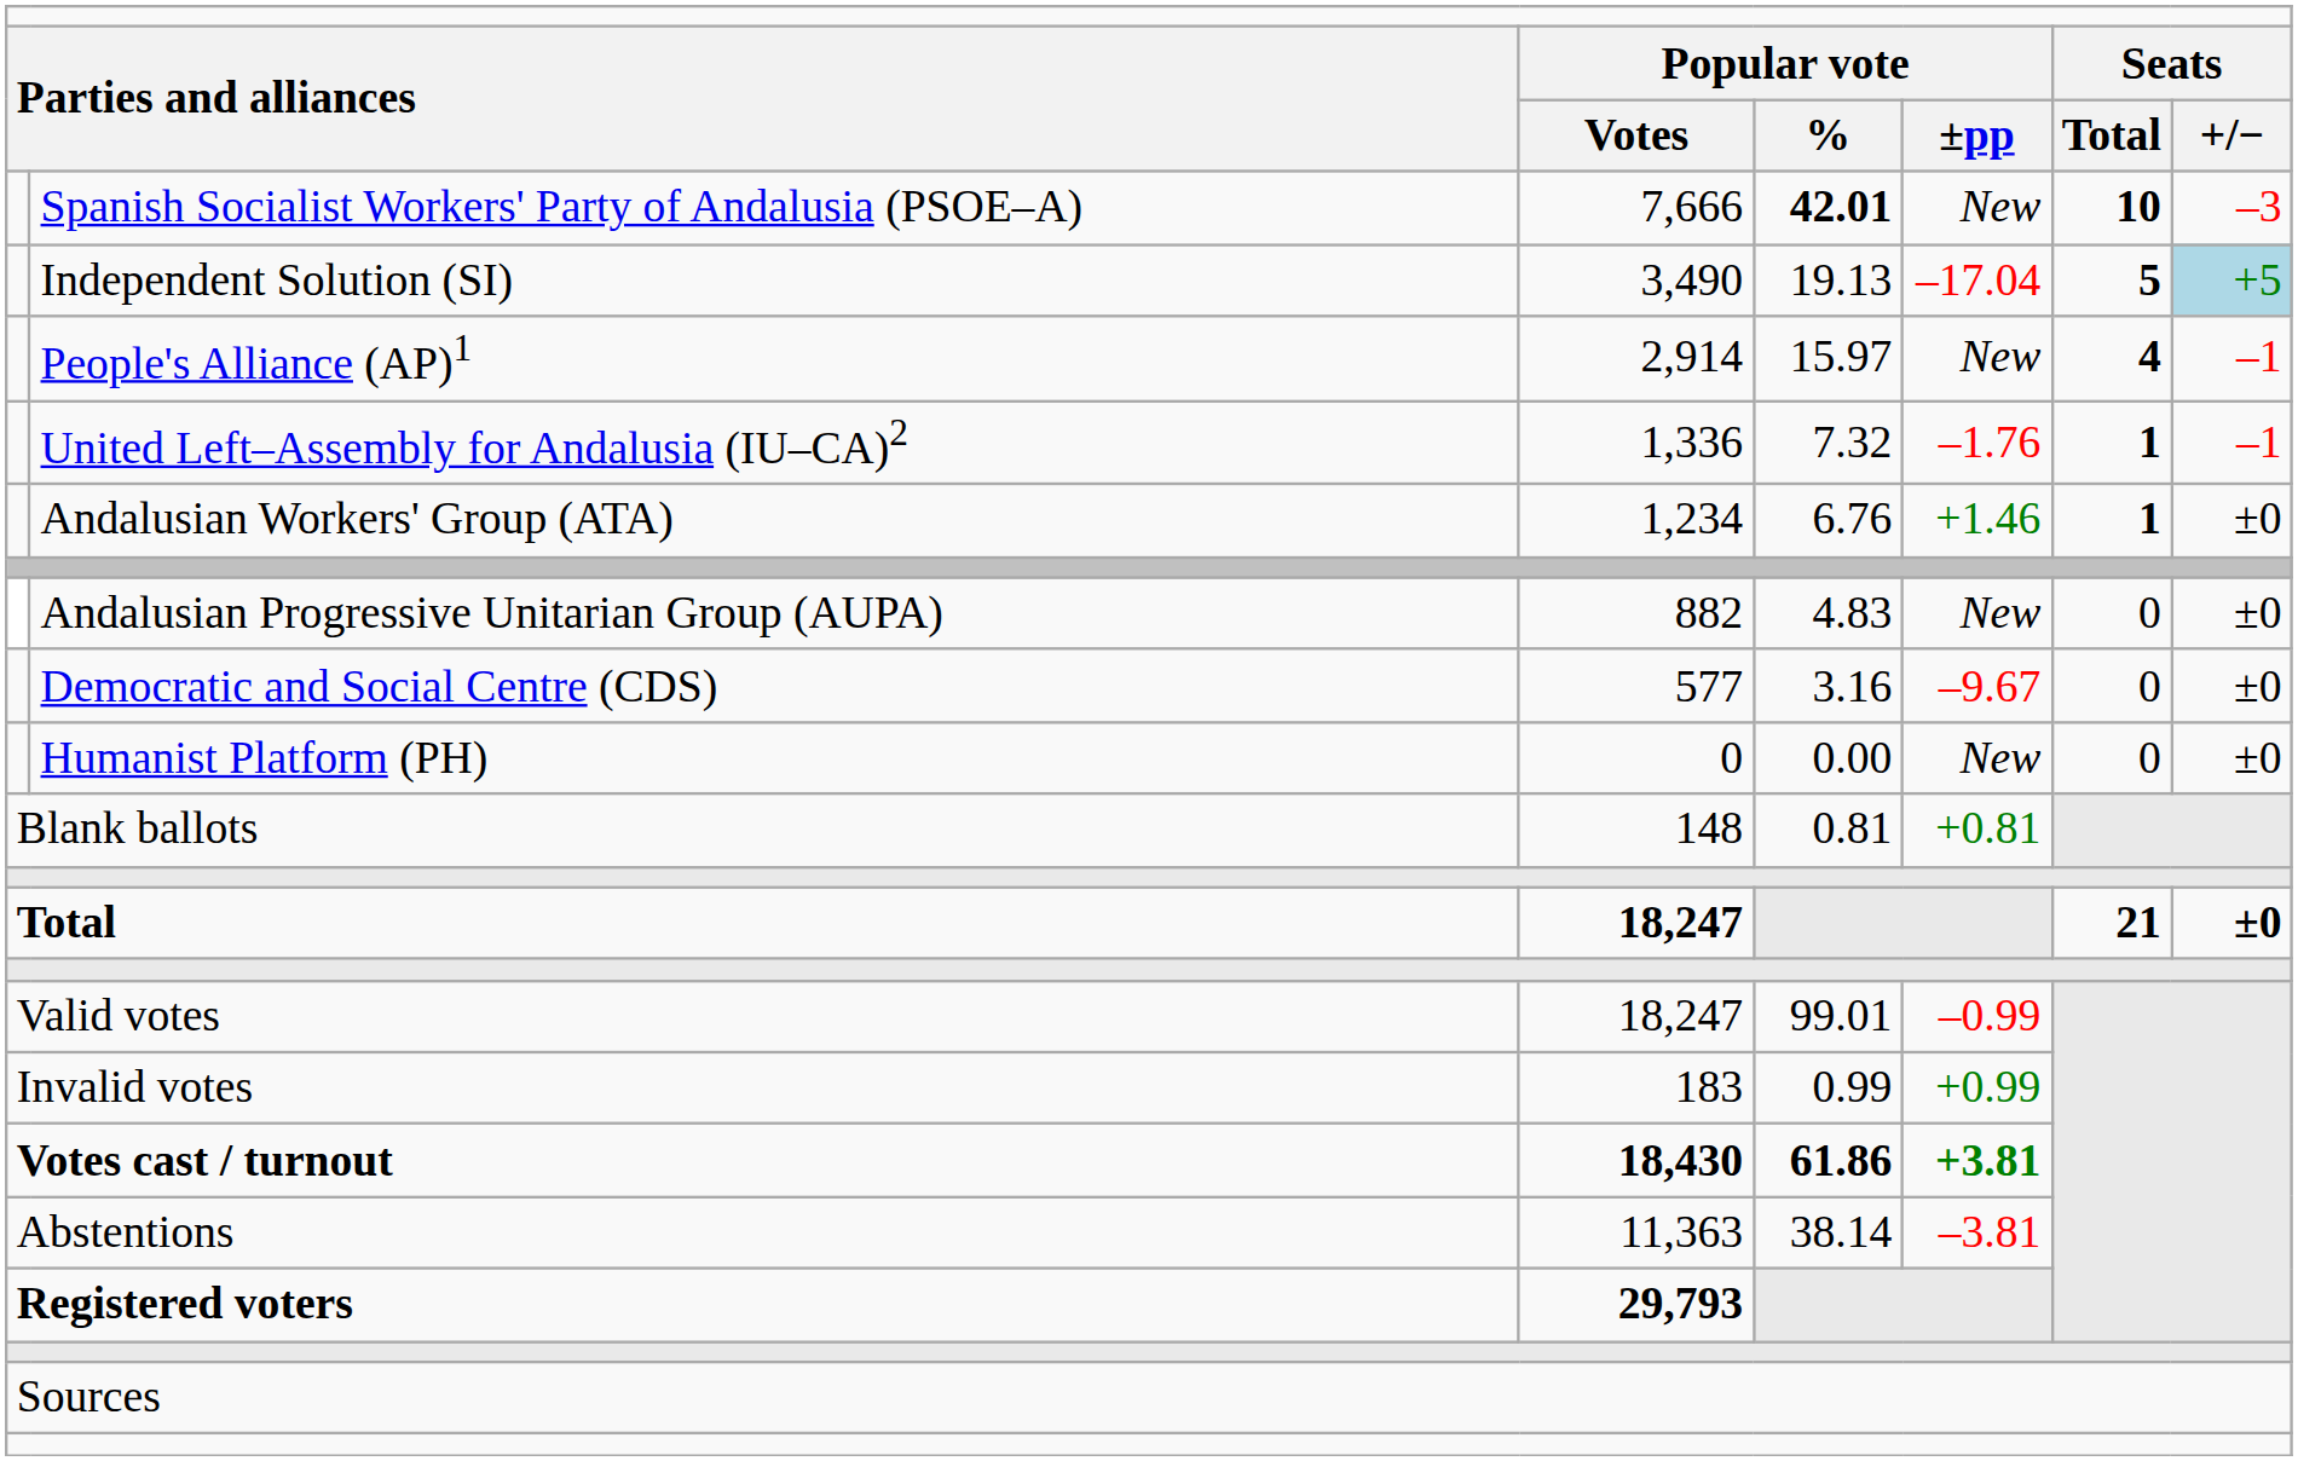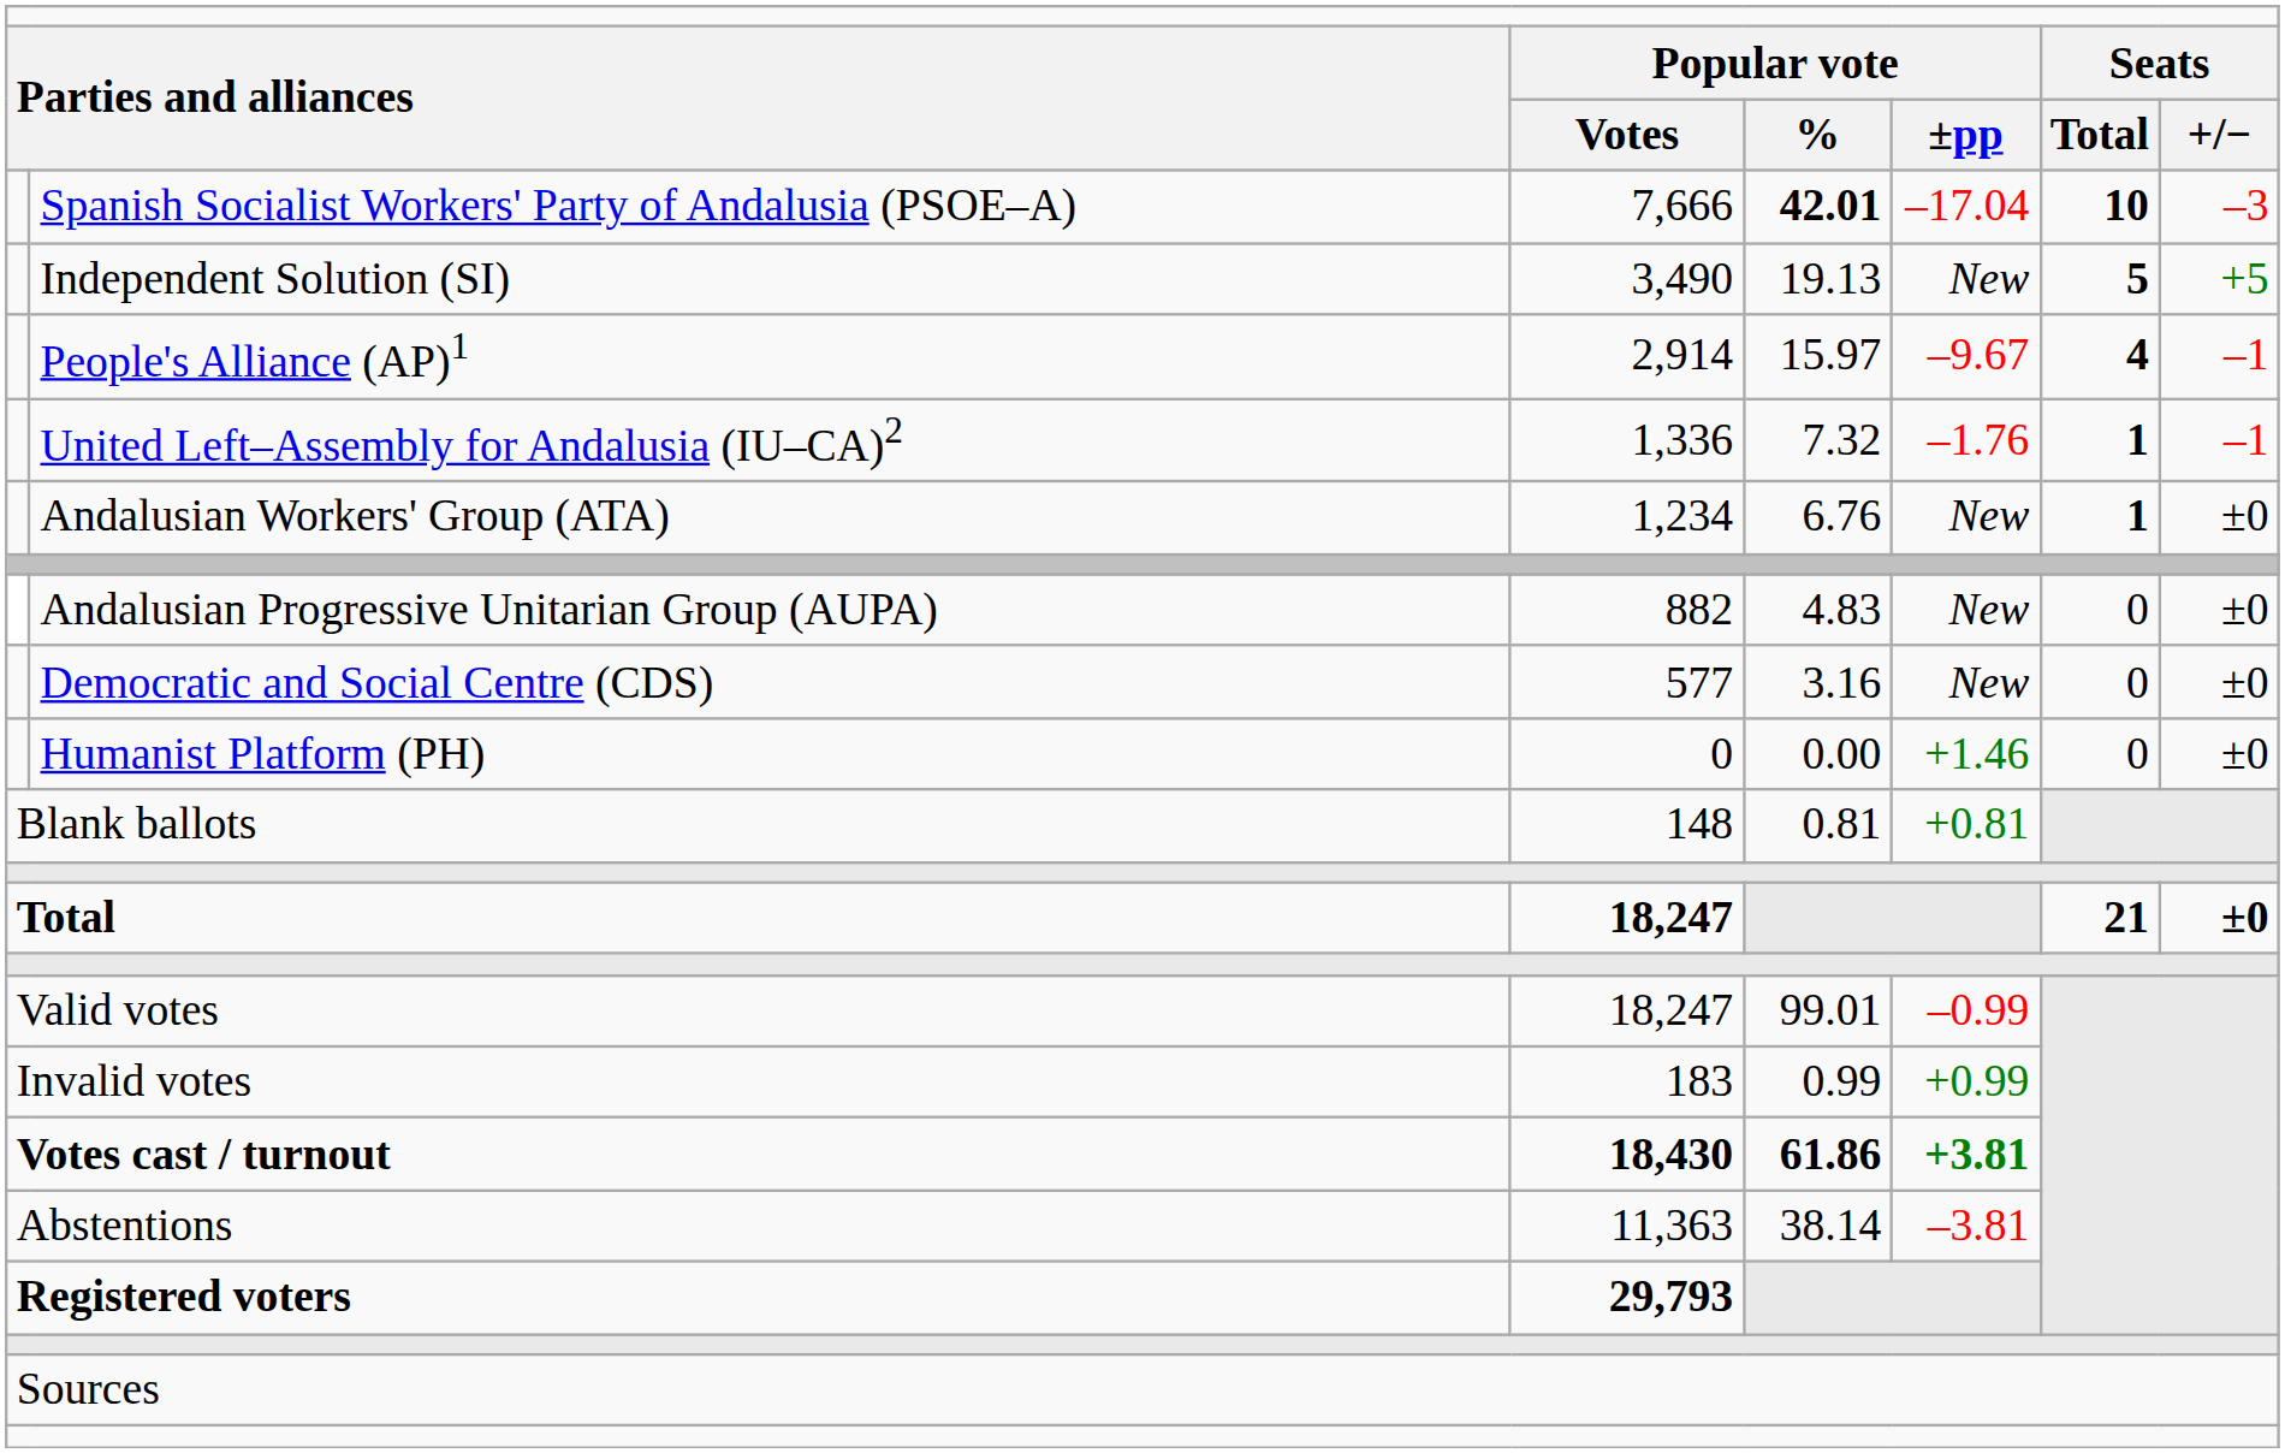 <table class="wikitable" style="text-align:right;">
 <tr>
 <td colspan="7"></td>
 </tr>
 <tr>
 <th style="text-align:left;" rowspan="2" colspan="2" width="525">Parties and alliances</th>
 <th colspan="3">Popular vote</th>
 <th colspan="2">Seats</th>
 </tr>
 <tr>
 <th width="75">Votes</th>
 <th width="45">%</th>
 <th width="45">±<a href='#'>pp</a></th>
 <th width="35">Total</th>
 <th width="35">+/−</th>
 </tr>
 <tr>
 <td width="1" style="color:inherit;background:"></td>
 <td align="left"><a href='#'>Spanish Socialist Workers' Party of Andalusia</a> (PSOE–A)</td>
 <td>7,666</td>
 <td><strong>42.01</strong></td>
-<td><em>New</em></td>
+<td style="color:red;">–17.04</td>
 <td><strong>10</strong></td>
 <td style="color:red;">–3</td>
 </tr>
 <tr>
 <td style="color:inherit;background:"></td>
 <td align="left">Independent Solution (SI)</td>
 <td>3,490</td>
 <td>19.13</td>
-<td style="color:red;">–17.04</td>
+<td><em>New</em></td>
 <td><strong>5</strong></td>
-<td style="background: lightblue; color:green;">+5</td>
+<td style="color:green;">+5</td>
 </tr>
 <tr>
 <td style="color:inherit;background:"></td>
 <td align="left"><a href='#'>People's Alliance</a> (AP)<sup>1</sup></td>
 <td>2,914</td>
 <td>15.97</td>
-<td><em>New</em></td>
+<td style="color:red;">–9.67</td>
 <td><strong>4</strong></td>
 <td style="color:red;">–1</td>
 </tr>
 <tr>
 <td style="color:inherit;background:"></td>
 <td align="left"><a href='#'>United Left–Assembly for Andalusia</a> (IU–CA)<sup>2</sup></td>
 <td>1,336</td>
 <td>7.32</td>
 <td style="color:red;">–1.76</td>
 <td><strong>1</strong></td>
 <td style="color:red;">–1</td>
 </tr>
 <tr>
 <td style="color:inherit;background:"></td>
 <td align="left">Andalusian Workers' Group (ATA)</td>
 <td>1,234</td>
 <td>6.76</td>
-<td style="color:green;">+1.46</td>
+<td><em>New</em></td>
 <td><strong>1</strong></td>
 <td>±0</td>
 </tr>
 <tr>
 <td colspan="7" bgcolor="#C0C0C0"></td>
 </tr>
 <tr>
 <td bgcolor="white"></td>
 <td align="left">Andalusian Progressive Unitarian Group (AUPA)</td>
 <td>882</td>
 <td>4.83</td>
 <td><em>New</em></td>
 <td>0</td>
 <td>±0</td>
 </tr>
 <tr>
 <td style="color:inherit;background:"></td>
 <td align="left"><a href='#'>Democratic and Social Centre</a> (CDS)</td>
 <td>577</td>
 <td>3.16</td>
-<td style="color:red;">–9.67</td>
+<td><em>New</em></td>
 <td>0</td>
 <td>±0</td>
 </tr>
 <tr>
 <td style="color:inherit;background:"></td>
 <td align="left"><a href='#'>Humanist Platform</a> (PH)</td>
 <td>0</td>
 <td>0.00</td>
-<td><em>New</em></td>
+<td style="color:green;">+1.46</td>
 <td>0</td>
 <td>±0</td>
 </tr>
 <tr>
 <td align="left" colspan="2">Blank ballots</td>
 <td>148</td>
 <td>0.81</td>
 <td style="color:green;">+0.81</td>
 <td bgcolor="#E9E9E9" colspan="2"></td>
 </tr>
 <tr>
 <td colspan="7" bgcolor="#E9E9E9"></td>
 </tr>
 <tr style="font-weight:bold;">
 <td align="left" colspan="2">Total</td>
 <td>18,247</td>
 <td bgcolor="#E9E9E9" colspan="2"></td>
 <td>21</td>
 <td>±0</td>
 </tr>
 <tr>
 <td colspan="7" bgcolor="#E9E9E9"></td>
 </tr>
 <tr>
 <td align="left" colspan="2">Valid votes</td>
 <td>18,247</td>
 <td>99.01</td>
 <td style="color:red;">–0.99</td>
 <td bgcolor="#E9E9E9" colspan="2" rowspan="5"></td>
 </tr>
 <tr>
 <td align="left" colspan="2">Invalid votes</td>
 <td>183</td>
 <td>0.99</td>
 <td style="color:green;">+0.99</td>
 </tr>
 <tr style="font-weight:bold;">
 <td align="left" colspan="2">Votes cast / turnout</td>
 <td>18,430</td>
 <td>61.86</td>
 <td style="color:green;">+3.81</td>
 </tr>
 <tr>
 <td align="left" colspan="2">Abstentions</td>
 <td>11,363</td>
 <td>38.14</td>
 <td style="color:red;">–3.81</td>
 </tr>
 <tr style="font-weight:bold;">
 <td align="left" colspan="2">Registered voters</td>
 <td>29,793</td>
 <td bgcolor="#E9E9E9" colspan="2"></td>
 </tr>
 <tr>
 <td colspan="7" bgcolor="#E9E9E9"></td>
 </tr>
 <tr>
 <td align="left" colspan="7">Sources</td>
 </tr>
 <tr>
 <td colspan="7" style="text-align:left; max-width:790px;"></td>
 </tr>
 </table>
